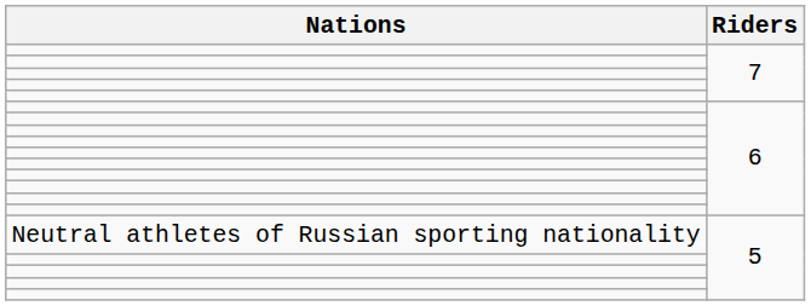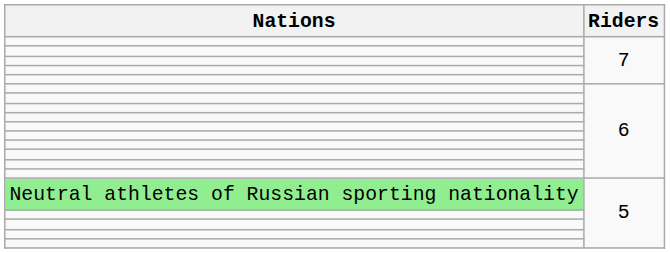 <table class="wikitable">
 <tr>
 <th>Nations</th>
 <th>Riders</th>
 </tr>
 <tr>
 <td></td>
 <td rowspan=5 align=center>7</td>
 </tr>
 <tr>
 <td></td>
 </tr>
 <tr>
 <td></td>
 </tr>
 <tr>
 <td></td>
 </tr>
 <tr>
 <td></td>
 </tr>
 <tr>
 <td></td>
 <td rowspan=10 align=center>6</td>
 </tr>
 <tr>
 <td></td>
 </tr>
 <tr>
 <td></td>
 </tr>
 <tr>
 <td></td>
 </tr>
 <tr>
 <td></td>
 </tr>
 <tr>
 <td></td>
 </tr>
 <tr>
 <td></td>
 </tr>
 <tr>
 <td></td>
 </tr>
 <tr>
 <td></td>
 </tr>
 <tr>
 <td></td>
 </tr>
 <tr>
-<td> Neutral athletes of Russian sporting nationality</td>
+<td style="background: lightgreen;"> Neutral athletes of Russian sporting nationality</td>
 <td rowspan=6 align=center>5</td>
 </tr>
 <tr>
 <td></td>
 </tr>
 <tr>
 <td></td>
 </tr>
 <tr>
 <td></td>
 </tr>
 <tr>
 <td></td>
 </tr>
 </table>
